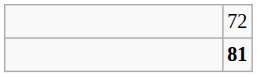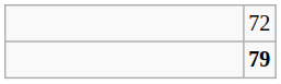 <table class="wikitable" style="font-size:90%">
 <tr>
 <td width=150></td>
 <td align=center>72</td>
 </tr>
 <tr>
 <td><strong></strong></td>
-<td align=center><strong>81</strong></td>
+<td align=center><strong>79</strong></td>
 </tr>
 </table>
